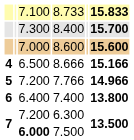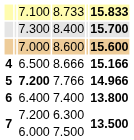 <table>
 <tr style="background:#fffcaf;">
 <th scope=row style="text-align:center"></th>
 <td style="text-align:left;"></td>
 <td>7.100</td>
 <td>8.733</td>
 <td></td>
 <td><strong>15.833</strong></td>
 </tr>
 <tr style="background:#e5e5e5;">
 <th scope=row style="text-align:center"></th>
 <td style="text-align:left;"></td>
 <td>7.300</td>
 <td>8.400</td>
 <td></td>
 <td><strong>15.700</strong></td>
 </tr>
 <tr style="background:#ec9;">
 <th scope=row style="text-align:center"></th>
 <td style="text-align:left;"></td>
 <td>7.000</td>
 <td>8.600</td>
 <td></td>
 <td><strong>15.600</strong></td>
 </tr>
 <tr>
 <th scope=row style="text-align:center">4</th>
 <td style="text-align:left;"></td>
 <td>6.500</td>
 <td>8.666</td>
 <td></td>
 <td><strong>15.166</strong></td>
 </tr>
 <tr>
 <th scope=row style="text-align:center">5</th>
 <td style="text-align:left;"></td>
-<td>7.200</td>
+<td><strong>7.200</strong></td>
 <td>7.766</td>
 <td></td>
 <td><strong>14.966</strong></td>
 </tr>
 <tr>
 <th scope=row style="text-align:center">6</th>
 <td style="text-align:left;"></td>
 <td>6.400</td>
 <td>7.400</td>
 <td></td>
 <td><strong>13.800</strong></td>
 </tr>
 <tr>
 <th rowspan=2 scope=row style="text-align:center">7</th>
 <td style="text-align:left;"></td>
 <td>7.200</td>
 <td>6.300</td>
 <td></td>
 <td rowspan=2><strong>13.500</strong></td>
 </tr>
 <tr>
 <td style="text-align:left;"></td>
-<td><strong>6.000</strong></td>
+<td>6.000</td>
 <td>7.500</td>
 <td></td>
 </tr>
 </table>
